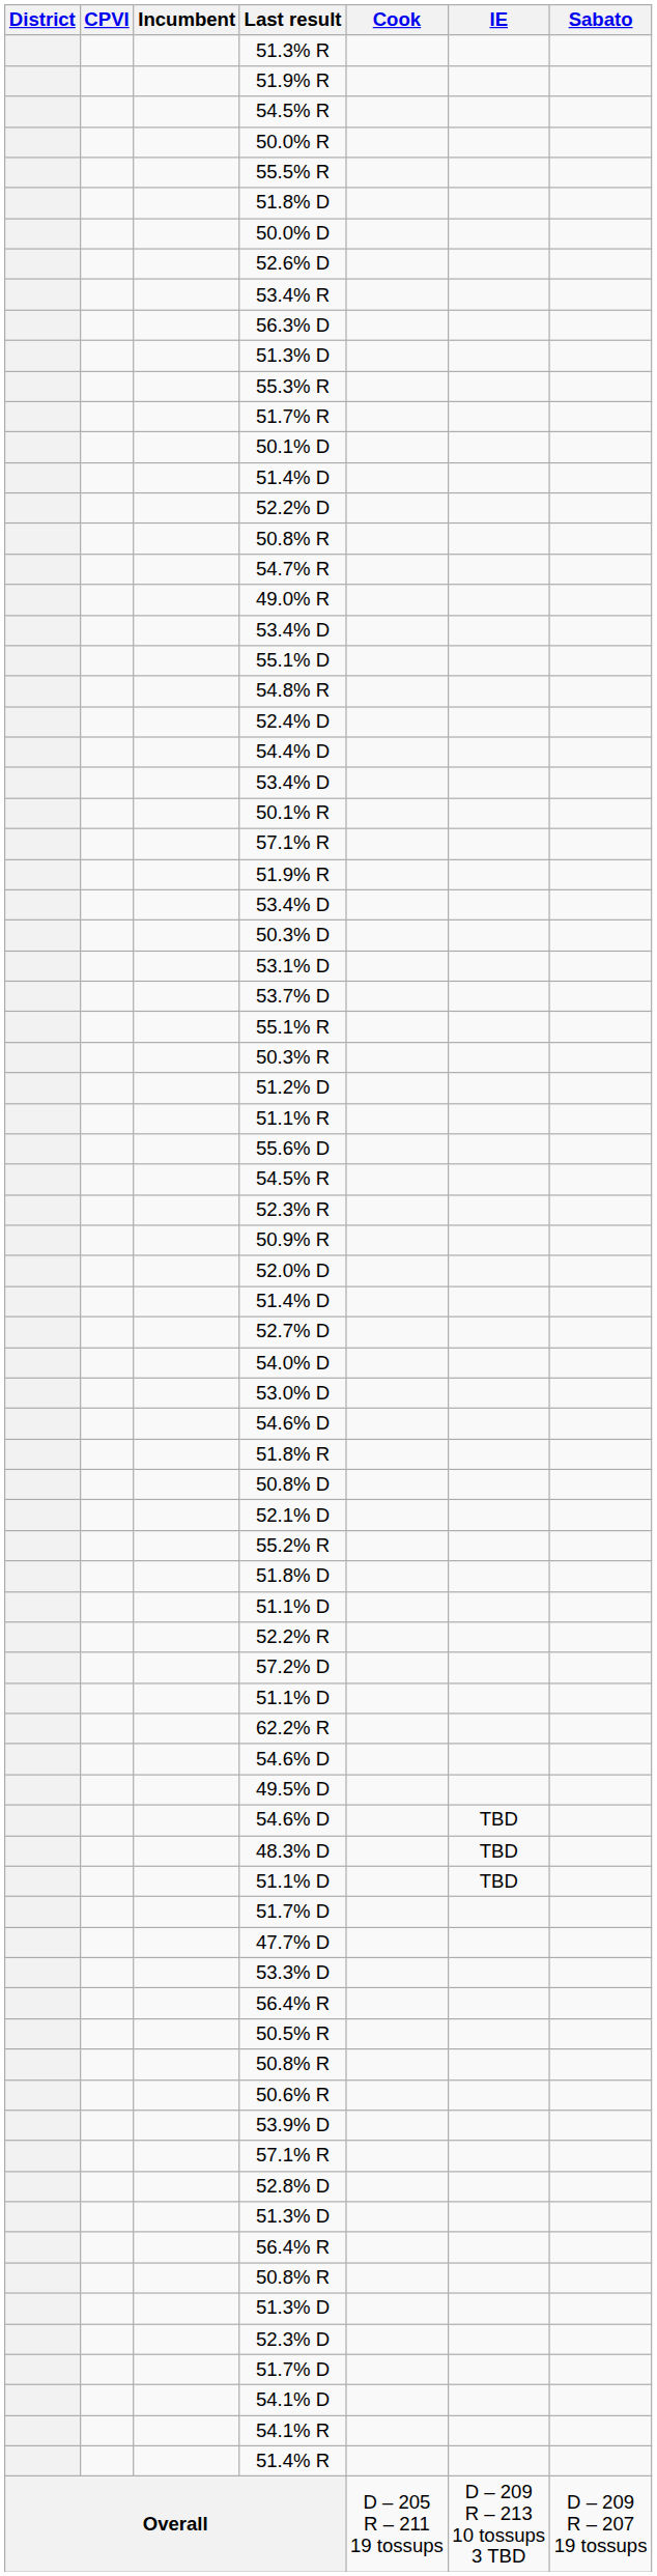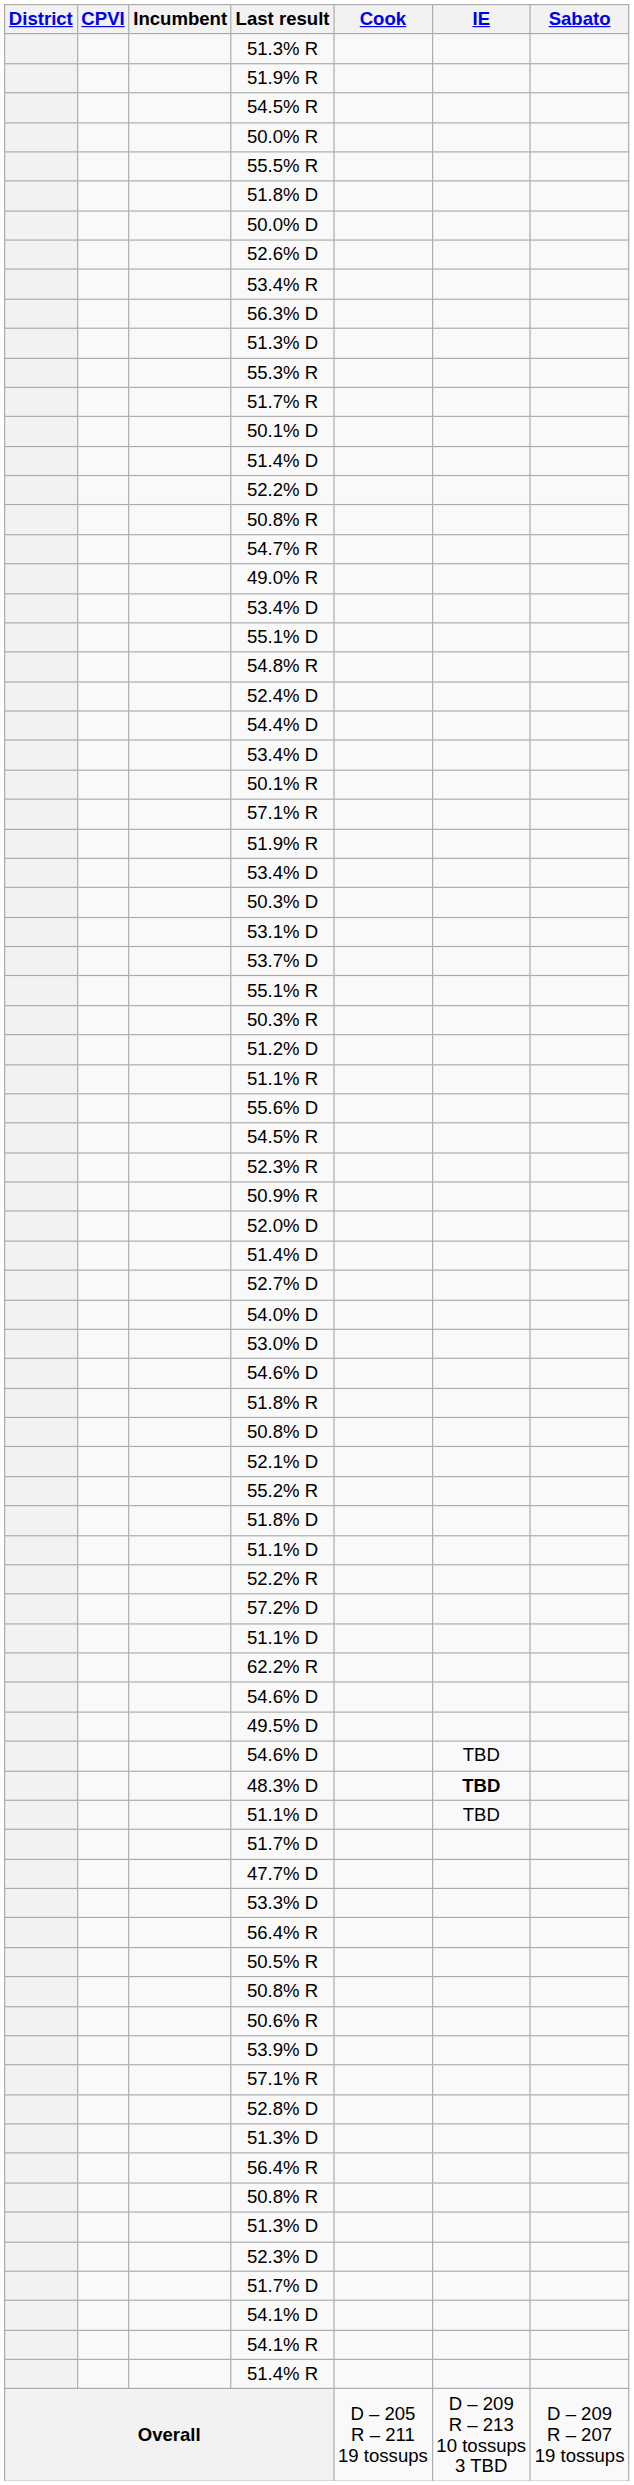 <table class="wikitable sortable" style="text-align:center">
 <tr valign=bottom>
 <th><a href='#'>District</a></th>
 <th><a href='#'>CPVI</a><br></th>
 <th>Incumbent</th>
 <th>Last result</th>
 <th><a href='#'>Cook</a><br></th>
 <th><a href='#'>IE</a><br></th>
 <th><a href='#'>Sabato</a><br></th>
 </tr>
 <tr>
 <th></th>
 <td></td>
 <td></td>
 <td>51.3% R</td>
 <td></td>
 <td></td>
 <td></td>
 </tr>
 <tr>
 <th></th>
 <td></td>
 <td></td>
 <td>51.9% R</td>
 <td></td>
 <td></td>
 <td></td>
 </tr>
 <tr>
 <th></th>
 <td></td>
 <td></td>
 <td>54.5% R</td>
 <td></td>
 <td></td>
 <td></td>
 </tr>
 <tr>
 <th></th>
 <td></td>
 <td></td>
 <td>50.0% R</td>
 <td></td>
 <td></td>
 <td></td>
 </tr>
 <tr>
 <th></th>
 <td></td>
 <td></td>
 <td>55.5% R</td>
 <td></td>
 <td></td>
 <td></td>
 </tr>
 <tr>
 <th></th>
 <td></td>
 <td></td>
 <td>51.8% D</td>
 <td></td>
 <td></td>
 <td></td>
 </tr>
 <tr>
 <th></th>
 <td></td>
 <td></td>
 <td>50.0% D</td>
 <td></td>
 <td></td>
 <td></td>
 </tr>
 <tr>
 <th></th>
 <td></td>
 <td></td>
 <td>52.6% D</td>
 <td></td>
 <td></td>
 <td></td>
 </tr>
 <tr>
 <th></th>
 <td></td>
 <td></td>
 <td>53.4% R</td>
 <td></td>
 <td></td>
 <td></td>
 </tr>
 <tr>
 <th></th>
 <td></td>
 <td></td>
 <td>56.3% D</td>
 <td></td>
 <td></td>
 <td></td>
 </tr>
 <tr>
 <th></th>
 <td></td>
 <td></td>
 <td>51.3% D</td>
 <td></td>
 <td></td>
 <td></td>
 </tr>
 <tr>
 <th></th>
 <td></td>
 <td></td>
 <td>55.3% R</td>
 <td></td>
 <td></td>
 <td></td>
 </tr>
 <tr>
 <th></th>
 <td></td>
 <td></td>
 <td>51.7% R</td>
 <td></td>
 <td></td>
 <td></td>
 </tr>
 <tr>
 <th></th>
 <td></td>
 <td></td>
 <td>50.1% D</td>
 <td></td>
 <td></td>
 <td></td>
 </tr>
 <tr>
 <th></th>
 <td></td>
 <td></td>
 <td>51.4% D</td>
 <td></td>
 <td></td>
 <td></td>
 </tr>
 <tr>
 <th></th>
 <td></td>
 <td></td>
 <td>52.2% D</td>
 <td></td>
 <td></td>
 <td></td>
 </tr>
 <tr>
 <th></th>
 <td></td>
 <td></td>
 <td>50.8% R</td>
 <td></td>
 <td></td>
 <td></td>
 </tr>
 <tr>
 <th></th>
 <td></td>
 <td></td>
 <td>54.7% R</td>
 <td></td>
 <td></td>
 <td></td>
 </tr>
 <tr>
 <th></th>
 <td></td>
 <td></td>
 <td>49.0% R</td>
 <td></td>
 <td></td>
 <td></td>
 </tr>
 <tr>
 <th></th>
 <td></td>
 <td></td>
 <td>53.4% D</td>
 <td></td>
 <td></td>
 <td></td>
 </tr>
 <tr>
 <th></th>
 <td></td>
 <td></td>
 <td>55.1% D</td>
 <td></td>
 <td></td>
 <td></td>
 </tr>
 <tr>
 <th></th>
 <td></td>
 <td></td>
 <td>54.8% R</td>
 <td></td>
 <td></td>
 <td></td>
 </tr>
 <tr>
 <th></th>
 <td></td>
 <td></td>
 <td>52.4% D</td>
 <td></td>
 <td></td>
 <td></td>
 </tr>
 <tr>
 <th></th>
 <td></td>
 <td></td>
 <td>54.4% D</td>
 <td></td>
 <td></td>
 <td></td>
 </tr>
 <tr>
 <th></th>
 <td></td>
 <td></td>
 <td>53.4% D</td>
 <td></td>
 <td></td>
 <td></td>
 </tr>
 <tr>
 <th></th>
 <td></td>
 <td></td>
 <td>50.1% R</td>
 <td></td>
 <td></td>
 <td></td>
 </tr>
 <tr>
 <th></th>
 <td></td>
 <td></td>
 <td>57.1% R</td>
 <td></td>
 <td></td>
 <td></td>
 </tr>
 <tr>
 <th></th>
 <td></td>
 <td></td>
 <td>51.9% R</td>
 <td></td>
 <td></td>
 <td></td>
 </tr>
 <tr>
 <th></th>
 <td></td>
 <td></td>
 <td>53.4% D</td>
 <td></td>
 <td></td>
 <td></td>
 </tr>
 <tr>
 <th></th>
 <td></td>
 <td></td>
 <td>50.3% D</td>
 <td></td>
 <td></td>
 <td></td>
 </tr>
 <tr>
 <th></th>
 <td></td>
 <td></td>
 <td>53.1% D</td>
 <td></td>
 <td></td>
 <td></td>
 </tr>
 <tr>
 <th></th>
 <td></td>
 <td></td>
 <td>53.7% D</td>
 <td></td>
 <td></td>
 <td></td>
 </tr>
 <tr>
 <th></th>
 <td></td>
 <td></td>
 <td>55.1% R</td>
 <td></td>
 <td></td>
 <td></td>
 </tr>
 <tr>
 <th></th>
 <td></td>
 <td></td>
 <td>50.3% R</td>
 <td></td>
 <td></td>
 <td></td>
 </tr>
 <tr>
 <th></th>
 <td></td>
 <td></td>
 <td>51.2% D</td>
 <td></td>
 <td></td>
 <td></td>
 </tr>
 <tr>
 <th></th>
 <td></td>
 <td> <br></td>
 <td>51.1% R</td>
 <td></td>
 <td></td>
 <td></td>
 </tr>
 <tr>
 <th></th>
 <td></td>
 <td> <br></td>
 <td>55.6% D</td>
 <td></td>
 <td></td>
 <td></td>
 </tr>
 <tr>
 <th></th>
 <td></td>
 <td></td>
 <td>54.5% R</td>
 <td></td>
 <td></td>
 <td></td>
 </tr>
 <tr>
 <th></th>
 <td></td>
 <td></td>
 <td>52.3% R</td>
 <td></td>
 <td></td>
 <td></td>
 </tr>
 <tr>
 <th></th>
 <td></td>
 <td></td>
 <td>50.9% R</td>
 <td></td>
 <td></td>
 <td></td>
 </tr>
 <tr>
 <th></th>
 <td></td>
 <td></td>
 <td>52.0% D</td>
 <td></td>
 <td></td>
 <td></td>
 </tr>
 <tr>
 <th></th>
 <td></td>
 <td></td>
 <td>51.4% D</td>
 <td></td>
 <td></td>
 <td></td>
 </tr>
 <tr>
 <th></th>
 <td></td>
 <td></td>
 <td>52.7% D</td>
 <td></td>
 <td></td>
 <td></td>
 </tr>
 <tr>
 <th></th>
 <td></td>
 <td> <br></td>
 <td>54.0% D</td>
 <td></td>
 <td></td>
 <td></td>
 </tr>
 <tr>
 <th></th>
 <td></td>
 <td></td>
 <td>53.0% D</td>
 <td></td>
 <td></td>
 <td></td>
 </tr>
 <tr>
 <th></th>
 <td></td>
 <td></td>
 <td>54.6% D</td>
 <td></td>
 <td></td>
 <td></td>
 </tr>
 <tr>
 <th></th>
 <td></td>
 <td></td>
 <td>51.8% R</td>
 <td></td>
 <td></td>
 <td></td>
 </tr>
 <tr>
 <th></th>
 <td></td>
 <td></td>
 <td>50.8% D</td>
 <td></td>
 <td></td>
 <td></td>
 </tr>
 <tr>
 <th></th>
 <td></td>
 <td></td>
 <td>52.1% D</td>
 <td></td>
 <td></td>
 <td></td>
 </tr>
 <tr>
 <th></th>
 <td></td>
 <td></td>
 <td>55.2% R</td>
 <td></td>
 <td></td>
 <td></td>
 </tr>
 <tr>
 <th></th>
 <td></td>
 <td></td>
 <td>51.8% D</td>
 <td></td>
 <td></td>
 <td></td>
 </tr>
 <tr>
 <th></th>
 <td></td>
 <td></td>
 <td>51.1% D</td>
 <td></td>
 <td></td>
 <td></td>
 </tr>
 <tr>
 <th></th>
 <td></td>
 <td></td>
 <td>52.2% R</td>
 <td></td>
 <td></td>
 <td></td>
 </tr>
 <tr>
 <th></th>
 <td></td>
 <td></td>
 <td>57.2% D</td>
 <td></td>
 <td></td>
 <td></td>
 </tr>
 <tr>
 <th></th>
 <td></td>
 <td></td>
 <td>51.1% D</td>
 <td></td>
 <td></td>
 <td></td>
 </tr>
 <tr>
 <th></th>
 <td></td>
 <td></td>
 <td>62.2% R</td>
 <td></td>
 <td></td>
 <td></td>
 </tr>
 <tr>
 <th></th>
 <td></td>
 <td></td>
 <td>54.6% D</td>
 <td></td>
 <td></td>
 <td></td>
 </tr>
 <tr>
 <th></th>
 <td></td>
 <td></td>
 <td>49.5% D</td>
 <td></td>
 <td></td>
 <td></td>
 </tr>
 <tr>
 <th></th>
 <td></td>
 <td></td>
 <td>54.6% D</td>
 <td></td>
 <td>TBD</td>
 <td></td>
 </tr>
 <tr>
 <th></th>
 <td></td>
 <td></td>
 <td>48.3% D</td>
 <td></td>
-<td>TBD</td>
+<td><strong>TBD</strong></td>
 <td></td>
 </tr>
 <tr>
 <th></th>
 <td></td>
 <td></td>
 <td>51.1% D</td>
 <td></td>
 <td>TBD</td>
 <td></td>
 </tr>
 <tr>
 <th></th>
 <td></td>
 <td></td>
 <td>51.7% D</td>
 <td></td>
 <td></td>
 <td></td>
 </tr>
 <tr>
 <th></th>
 <td></td>
 <td></td>
 <td>47.7% D</td>
 <td></td>
 <td></td>
 <td></td>
 </tr>
 <tr>
 <th></th>
 <td></td>
 <td></td>
 <td>53.3% D</td>
 <td></td>
 <td></td>
 <td></td>
 </tr>
 <tr>
 <th></th>
 <td></td>
 <td></td>
 <td>56.4% R</td>
 <td></td>
 <td></td>
 <td></td>
 </tr>
 <tr>
 <th></th>
 <td></td>
 <td></td>
 <td>50.5% R</td>
 <td></td>
 <td></td>
 <td></td>
 </tr>
 <tr>
 <th></th>
 <td></td>
 <td></td>
 <td>50.8% R</td>
 <td></td>
 <td></td>
 <td></td>
 </tr>
 <tr>
 <th></th>
 <td></td>
 <td></td>
 <td>50.6% R</td>
 <td></td>
 <td></td>
 <td></td>
 </tr>
 <tr>
 <th></th>
 <td></td>
 <td></td>
 <td>53.9% D</td>
 <td></td>
 <td></td>
 <td></td>
 </tr>
 <tr>
 <th></th>
 <td></td>
 <td></td>
 <td>57.1% R</td>
 <td></td>
 <td></td>
 <td></td>
 </tr>
 <tr>
 <th></th>
 <td></td>
 <td></td>
 <td>52.8% D</td>
 <td></td>
 <td></td>
 <td></td>
 </tr>
 <tr>
 <th></th>
 <td></td>
 <td></td>
 <td>51.3% D</td>
 <td></td>
 <td></td>
 <td></td>
 </tr>
 <tr>
 <th></th>
 <td></td>
 <td></td>
 <td>56.4% R</td>
 <td></td>
 <td></td>
 <td></td>
 </tr>
 <tr>
 <th></th>
 <td></td>
 <td></td>
 <td>50.8% R</td>
 <td></td>
 <td></td>
 <td></td>
 </tr>
 <tr>
 <th></th>
 <td></td>
 <td></td>
 <td>51.3% D</td>
 <td></td>
 <td></td>
 <td></td>
 </tr>
 <tr>
 <th></th>
 <td></td>
 <td></td>
 <td>52.3% D</td>
 <td></td>
 <td></td>
 <td></td>
 </tr>
 <tr>
 <th></th>
 <td></td>
 <td></td>
 <td>51.7% D</td>
 <td></td>
 <td></td>
 <td></td>
 </tr>
 <tr>
 <th></th>
 <td></td>
 <td></td>
 <td>54.1% D</td>
 <td></td>
 <td></td>
 <td></td>
 </tr>
 <tr>
 <th></th>
 <td></td>
 <td></td>
 <td>54.1% R</td>
 <td></td>
 <td></td>
 <td></td>
 </tr>
 <tr>
 <th></th>
 <td></td>
 <td></td>
 <td>51.4% R</td>
 <td></td>
 <td></td>
 <td></td>
 </tr>
 <tr class=sortbottom>
 <th colspan=4>Overall</th>
 <td>D – 205<br>R – 211<br>19 tossups</td>
 <td>D – 209<br>R – 213<br>10 tossups<br>3 TBD</td>
 <td>D – 209<br>R – 207<br>19 tossups</td>
 </tr>
 </table>
